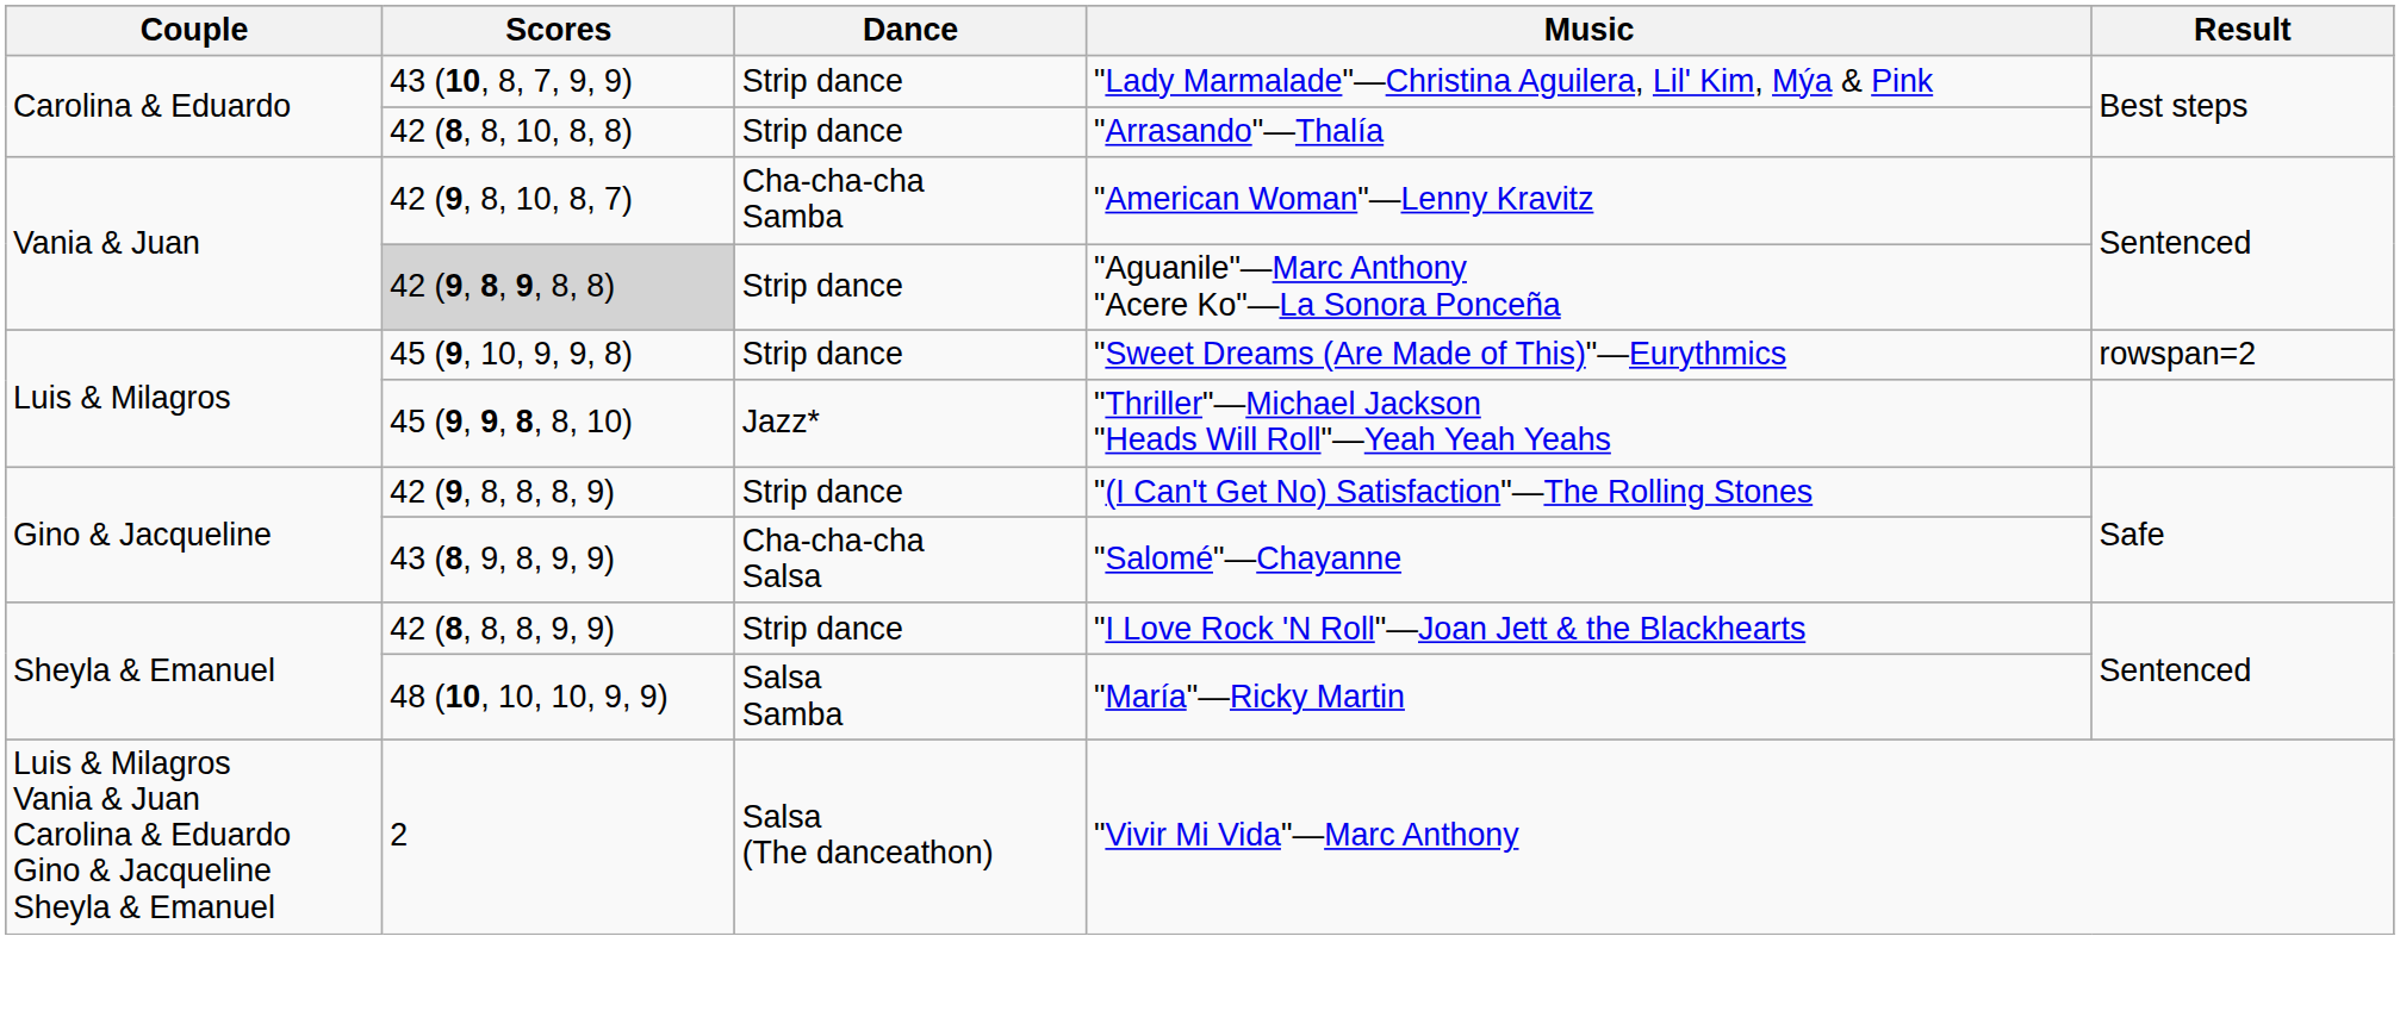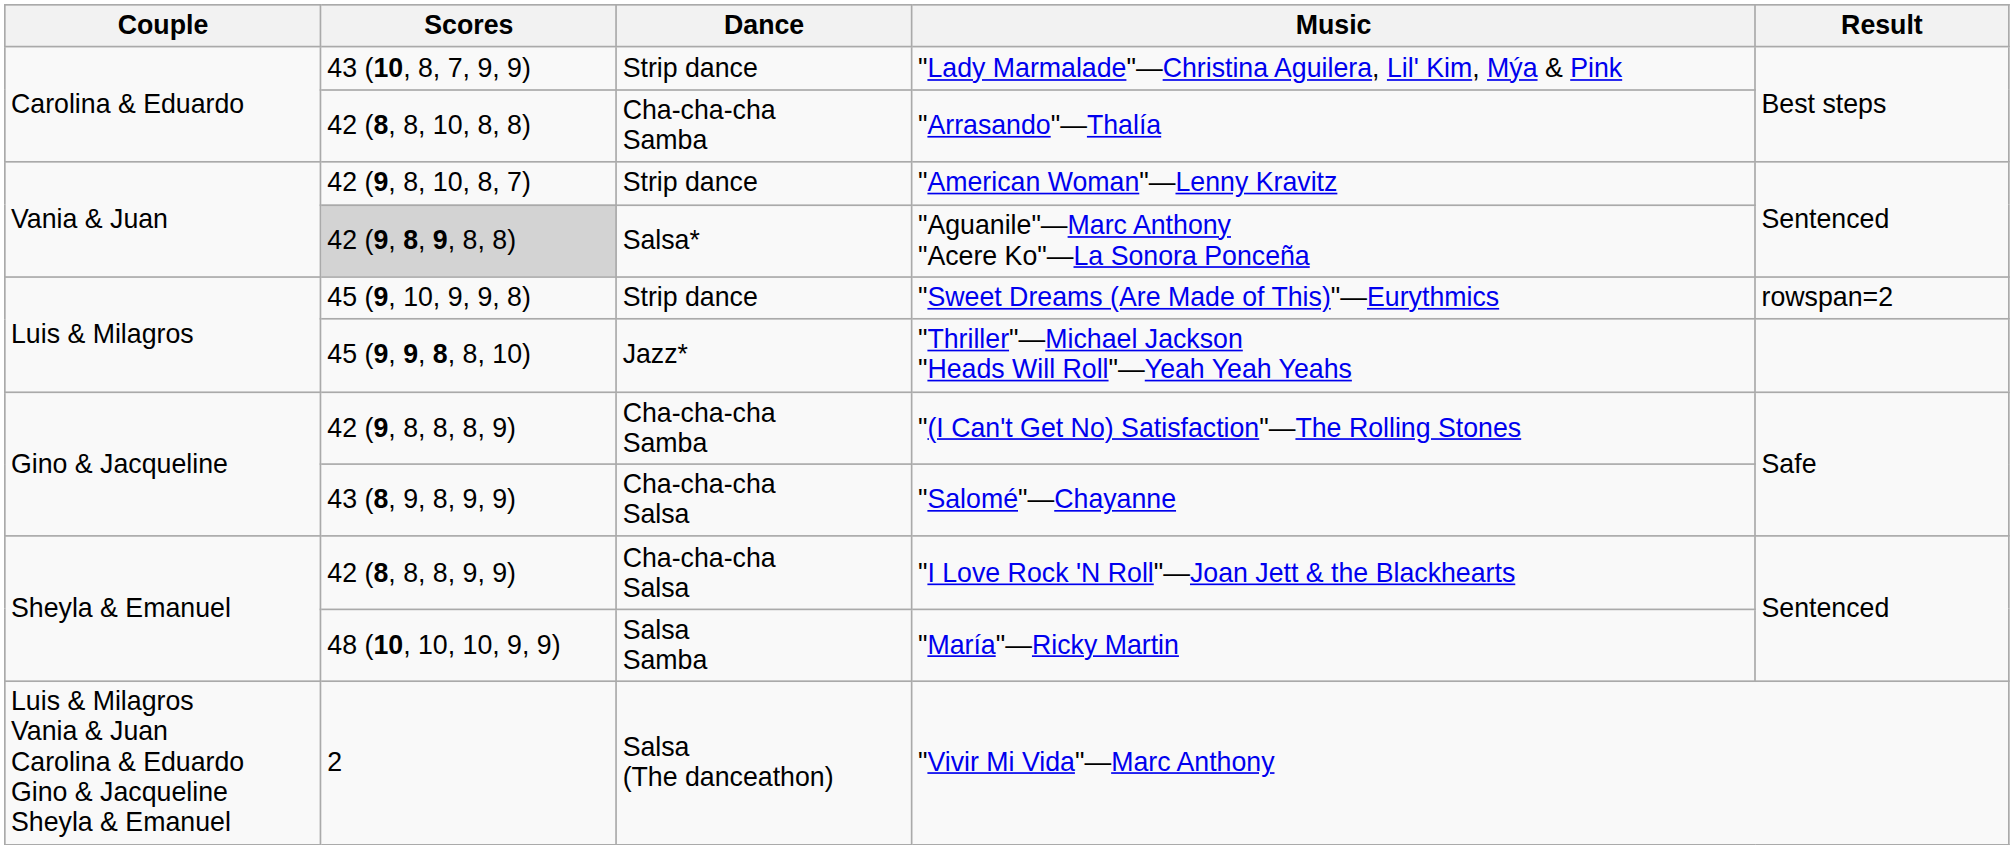 <table class="wikitable sortable" style="width:95%; white-space:nowrap">
 <tr>
 <th style="width:15%;">Couple</th>
 <th style="width:14%;">Scores</th>
 <th style="width:14%;">Dance</th>
 <th style="width:40%;">Music</th>
 <th style="width:12%;">Result</th>
 </tr>
 <tr>
 <td rowspan=2>Carolina & Eduardo</td>
 <td>43 (<strong>10</strong>, 8, 7, 9, 9)</td>
 <td>Strip dance</td>
 <td>"<a href='#'>Lady Marmalade</a>"—<a href='#'>Christina Aguilera</a>, <a href='#'>Lil' Kim</a>, <a href='#'>Mýa</a> & <a href='#'>Pink</a></td>
 <td rowspan=2>Best steps</td>
 </tr>
 <tr>
 <td>42 (<strong>8</strong>, 8, 10, 8, 8)</td>
-<td>Strip dance</td>
+<td>Cha-cha-cha<br>Samba</td>
 <td>"<a href='#'>Arrasando</a>"—<a href='#'>Thalía</a></td>
 </tr>
 <tr>
 <td rowspan=2>Vania & Juan</td>
 <td>42 (<strong>9</strong>, 8, 10, 8, 7)</td>
-<td>Cha-cha-cha<br>Samba</td>
+<td>Strip dance</td>
 <td>"<a href='#'>American Woman</a>"—<a href='#'>Lenny Kravitz</a></td>
 <td rowspan=2>Sentenced</td>
 </tr>
 <tr>
 <td style="background: lightgrey;">42 (<strong>9</strong>, <strong>8</strong>, <strong>9</strong>, 8, 8)</td>
-<td>Strip dance</td>
+<td>Salsa*</td>
 <td>"Aguanile"—<a href='#'>Marc Anthony</a><br>"Acere Ko"—<a href='#'>La Sonora Ponceña</a></td>
 </tr>
 <tr>
 <td rowspan=2>Luis & Milagros</td>
 <td>45 (<strong>9</strong>, 10, 9, 9, 8)</td>
 <td>Strip dance</td>
 <td>"<a href='#'>Sweet Dreams (Are Made of This)</a>"—<a href='#'>Eurythmics</a></td>
 <td>rowspan=2 </td>
 </tr>
 <tr>
 <td>45 (<strong>9</strong>, <strong>9</strong>, <strong>8</strong>, 8, 10)</td>
 <td>Jazz*</td>
 <td>"<a href='#'>Thriller</a>"—<a href='#'>Michael Jackson</a><br>"<a href='#'>Heads Will Roll</a>"—<a href='#'>Yeah Yeah Yeahs</a></td>
 </tr>
 <tr>
 <td rowspan=2>Gino & Jacqueline</td>
 <td>42 (<strong>9</strong>, 8, 8, 8, 9)</td>
-<td>Strip dance</td>
+<td>Cha-cha-cha<br>Samba</td>
 <td>"<a href='#'>(I Can't Get No) Satisfaction</a>"—<a href='#'>The Rolling Stones</a></td>
 <td rowspan=2>Safe</td>
 </tr>
 <tr>
 <td>43 (<strong>8</strong>, 9, 8, 9, 9)</td>
 <td>Cha-cha-cha<br>Salsa</td>
 <td>"<a href='#'>Salomé</a>"—<a href='#'>Chayanne</a></td>
 </tr>
 <tr>
 <td rowspan=2>Sheyla & Emanuel</td>
 <td>42 (<strong>8</strong>, 8, 8, 9, 9)</td>
-<td>Strip dance</td>
+<td>Cha-cha-cha<br>Salsa</td>
 <td>"<a href='#'>I Love Rock 'N Roll</a>"—<a href='#'>Joan Jett & the Blackhearts</a></td>
 <td rowspan=2>Sentenced</td>
 </tr>
 <tr>
 <td>48 (<strong>10</strong>, 10, 10, 9, 9)</td>
 <td>Salsa<br>Samba</td>
 <td>"<a href='#'>María</a>"—<a href='#'>Ricky Martin</a></td>
 </tr>
 <tr>
 <td>Luis & Milagros<br>Vania & Juan<br>Carolina & Eduardo<br>Gino & Jacqueline<br>Sheyla & Emanuel</td>
 <td valign="top"><br><br>2</td>
 <td>Salsa<br>(The danceathon)</td>
 <td colspan="2">"<a href='#'>Vivir Mi Vida</a>"—<a href='#'>Marc Anthony</a></td>
 </tr>
 </table>
